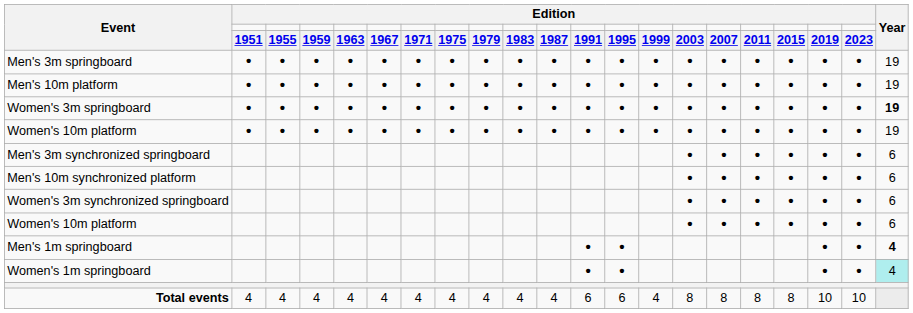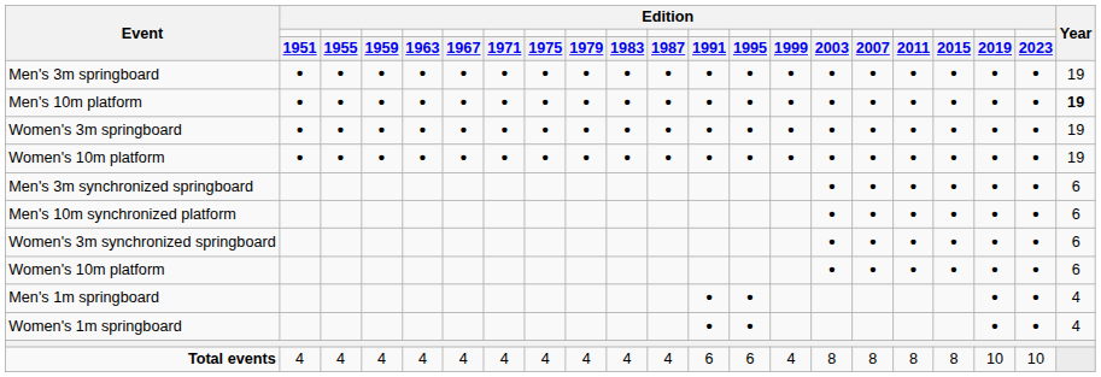 <table class="wikitable" style="border-collapse: collapse; font-size:100%; text-align:center;">
 <tr>
 <th rowspan="3">Event</th>
 <th colspan="19">Edition</th>
 <th rowspan="3">Year</th>
 </tr>
 <tr>
 <td></td>
 <td></td>
 <td></td>
 <td></td>
 <td></td>
 <td></td>
 <td></td>
 <td></td>
 <td></td>
 <td></td>
 <td></td>
 <td></td>
 <td></td>
 <td></td>
 <td></td>
 <td></td>
 <td></td>
 <td></td>
 <td></td>
 </tr>
 <tr>
 <th><a href='#'>1951</a></th>
 <th><a href='#'>1955</a></th>
 <th><a href='#'>1959</a></th>
 <th><a href='#'>1963</a></th>
 <th><a href='#'>1967</a></th>
 <th><a href='#'>1971</a></th>
 <th><a href='#'>1975</a></th>
 <th><a href='#'>1979</a></th>
 <th><a href='#'>1983</a></th>
 <th><a href='#'>1987</a></th>
 <th><a href='#'>1991</a></th>
 <th><a href='#'>1995</a></th>
 <th><a href='#'>1999</a></th>
 <th><a href='#'>2003</a></th>
 <th><a href='#'>2007</a></th>
 <th><a href='#'>2011</a></th>
 <th><a href='#'>2015</a></th>
 <th><a href='#'>2019</a></th>
 <th><a href='#'>2023</a></th>
 </tr>
 <tr>
 <td align=left>Men's 3m springboard</td>
 <td><big><strong>•</strong></big></td>
 <td><big><strong>•</strong></big></td>
 <td><big><strong>•</strong></big></td>
 <td><big><strong>•</strong></big></td>
 <td><big><strong>•</strong></big></td>
 <td><big><strong>•</strong></big></td>
 <td><big><strong>•</strong></big></td>
 <td><big><strong>•</strong></big></td>
 <td><big><strong>•</strong></big></td>
 <td><big><strong>•</strong></big></td>
 <td><big><strong>•</strong></big></td>
 <td><big><strong>•</strong></big></td>
 <td><big><strong>•</strong></big></td>
 <td><big><strong>•</strong></big></td>
 <td><big><strong>•</strong></big></td>
 <td><big><strong>•</strong></big></td>
 <td><big><strong>•</strong></big></td>
 <td><big><strong>•</strong></big></td>
 <td><big><strong>•</strong></big></td>
 <td align=center>19</td>
 </tr>
 <tr>
 <td align=left>Men's 10m platform</td>
 <td><big><strong>•</strong></big></td>
 <td><big><strong>•</strong></big></td>
 <td><big><strong>•</strong></big></td>
 <td><big><strong>•</strong></big></td>
 <td><big><strong>•</strong></big></td>
 <td><big><strong>•</strong></big></td>
 <td><big><strong>•</strong></big></td>
 <td><big><strong>•</strong></big></td>
 <td><big><strong>•</strong></big></td>
 <td><big><strong>•</strong></big></td>
 <td><big><strong>•</strong></big></td>
 <td><big><strong>•</strong></big></td>
 <td><big><strong>•</strong></big></td>
 <td><big><strong>•</strong></big></td>
 <td><big><strong>•</strong></big></td>
 <td><big><strong>•</strong></big></td>
 <td><big><strong>•</strong></big></td>
 <td><big><strong>•</strong></big></td>
 <td><big><strong>•</strong></big></td>
-<td align=center>19</td>
+<td align=center><strong>19</strong></td>
 </tr>
 <tr>
 <td align=left>Women's 3m springboard</td>
 <td><big><strong>•</strong></big></td>
 <td><big><strong>•</strong></big></td>
 <td><big><strong>•</strong></big></td>
 <td><big><strong>•</strong></big></td>
 <td><big><strong>•</strong></big></td>
 <td><big><strong>•</strong></big></td>
 <td><big><strong>•</strong></big></td>
 <td><big><strong>•</strong></big></td>
 <td><big><strong>•</strong></big></td>
 <td><big><strong>•</strong></big></td>
 <td><big><strong>•</strong></big></td>
 <td><big><strong>•</strong></big></td>
 <td><big><strong>•</strong></big></td>
 <td><big><strong>•</strong></big></td>
 <td><big><strong>•</strong></big></td>
 <td><big><strong>•</strong></big></td>
 <td><big><strong>•</strong></big></td>
 <td><big><strong>•</strong></big></td>
 <td><big><strong>•</strong></big></td>
-<td align=center><strong>19</strong></td>
+<td align=center>19</td>
 </tr>
 <tr>
 <td align=left>Women's 10m platform</td>
 <td><big><strong>•</strong></big></td>
 <td><big><strong>•</strong></big></td>
 <td><big><strong>•</strong></big></td>
 <td><big><strong>•</strong></big></td>
 <td><big><strong>•</strong></big></td>
 <td><big><strong>•</strong></big></td>
 <td><big><strong>•</strong></big></td>
 <td><big><strong>•</strong></big></td>
 <td><big><strong>•</strong></big></td>
 <td><big><strong>•</strong></big></td>
 <td><big><strong>•</strong></big></td>
 <td><big><strong>•</strong></big></td>
 <td><big><strong>•</strong></big></td>
 <td><big><strong>•</strong></big></td>
 <td><big><strong>•</strong></big></td>
 <td><big><strong>•</strong></big></td>
 <td><big><strong>•</strong></big></td>
 <td><big><strong>•</strong></big></td>
 <td><big><strong>•</strong></big></td>
 <td align=center>19</td>
 </tr>
 <tr>
 <td align=left>Men's 3m synchronized springboard</td>
 <td></td>
 <td></td>
 <td></td>
 <td></td>
 <td></td>
 <td></td>
 <td></td>
 <td></td>
 <td></td>
 <td></td>
 <td></td>
 <td></td>
 <td></td>
 <td><big><strong>•</strong></big></td>
 <td><big><strong>•</strong></big></td>
 <td><big><strong>•</strong></big></td>
 <td><big><strong>•</strong></big></td>
 <td><big><strong>•</strong></big></td>
 <td><big><strong>•</strong></big></td>
 <td align=center>6</td>
 </tr>
 <tr>
 <td align=left>Men's 10m synchronized platform</td>
 <td></td>
 <td></td>
 <td></td>
 <td></td>
 <td></td>
 <td></td>
 <td></td>
 <td></td>
 <td></td>
 <td></td>
 <td></td>
 <td></td>
 <td></td>
 <td><big><strong>•</strong></big></td>
 <td><big><strong>•</strong></big></td>
 <td><big><strong>•</strong></big></td>
 <td><big><strong>•</strong></big></td>
 <td><big><strong>•</strong></big></td>
 <td><big><strong>•</strong></big></td>
 <td align=center>6</td>
 </tr>
 <tr>
 <td align=left>Women's 3m synchronized springboard</td>
 <td></td>
 <td></td>
 <td></td>
 <td></td>
 <td></td>
 <td></td>
 <td></td>
 <td></td>
 <td></td>
 <td></td>
 <td></td>
 <td></td>
 <td></td>
 <td><big><strong>•</strong></big></td>
 <td><big><strong>•</strong></big></td>
 <td><big><strong>•</strong></big></td>
 <td><big><strong>•</strong></big></td>
 <td><big><strong>•</strong></big></td>
 <td><big><strong>•</strong></big></td>
 <td align=center>6</td>
 </tr>
 <tr>
 <td align=left>Women's 10m platform</td>
 <td></td>
 <td></td>
 <td></td>
 <td></td>
 <td></td>
 <td></td>
 <td></td>
 <td></td>
 <td></td>
 <td></td>
 <td></td>
 <td></td>
 <td></td>
 <td><big><strong>•</strong></big></td>
 <td><big><strong>•</strong></big></td>
 <td><big><strong>•</strong></big></td>
 <td><big><strong>•</strong></big></td>
 <td><big><strong>•</strong></big></td>
 <td><big><strong>•</strong></big></td>
 <td align=center>6</td>
 </tr>
 <tr>
 <td align=left>Men's 1m springboard</td>
 <td></td>
 <td></td>
 <td></td>
 <td></td>
 <td></td>
 <td></td>
 <td></td>
 <td></td>
 <td></td>
 <td></td>
 <td><big><strong>•</strong></big></td>
 <td><big><strong>•</strong></big></td>
 <td></td>
 <td></td>
 <td></td>
 <td></td>
 <td></td>
 <td><big><strong>•</strong></big></td>
 <td><big><strong>•</strong></big></td>
-<td align=center><strong>4</strong></td>
+<td align=center>4</td>
 </tr>
 <tr>
 <td align=left>Women's 1m springboard</td>
 <td></td>
 <td></td>
 <td></td>
 <td></td>
 <td></td>
 <td></td>
 <td></td>
 <td></td>
 <td></td>
 <td></td>
 <td><big><strong>•</strong></big></td>
 <td><big><strong>•</strong></big></td>
 <td></td>
 <td></td>
 <td></td>
 <td></td>
 <td></td>
 <td><big><strong>•</strong></big></td>
 <td><big><strong>•</strong></big></td>
-<td align=center style="background: paleturquoise;">4</td>
+<td align=center>4</td>
 </tr>
 <tr>
 <th colspan="28"></th>
 </tr>
 <tr>
 <td align=right><strong>Total events</strong></td>
 <td>4</td>
 <td>4</td>
 <td>4</td>
 <td>4</td>
 <td>4</td>
 <td>4</td>
 <td>4</td>
 <td>4</td>
 <td>4</td>
 <td>4</td>
 <td>6</td>
 <td>6</td>
 <td>4</td>
 <td>8</td>
 <td>8</td>
 <td>8</td>
 <td>8</td>
 <td>10</td>
 <td>10</td>
 <td bgcolor=ececec></td>
 </tr>
 </table>
